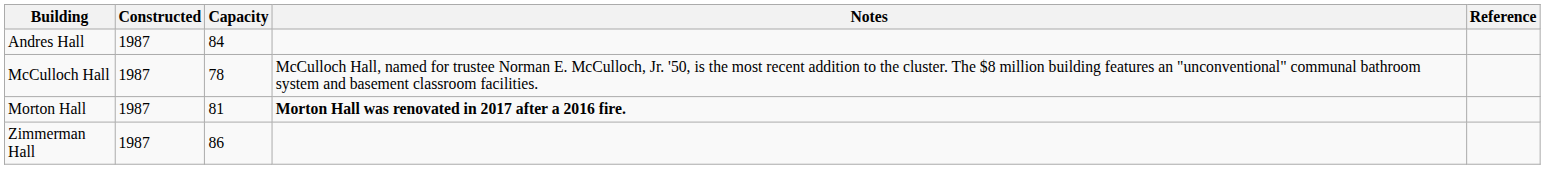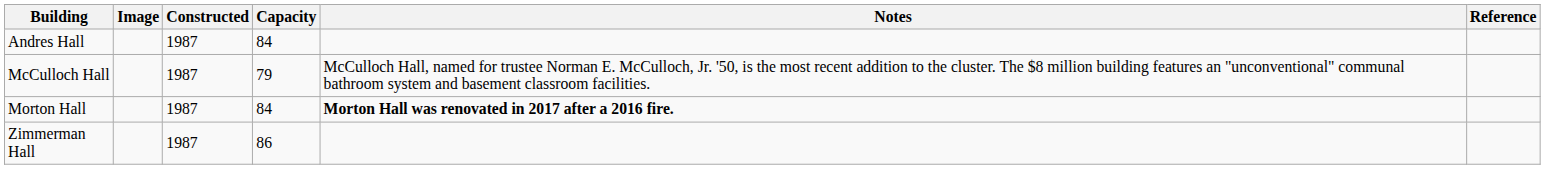 <table class="wikitable sortable">
 <tr>
 <th>Building</th>
+<th>Image</th>
 <th>Constructed</th>
 <th>Capacity</th>
 <th>Notes</th>
 <th>Reference</th>
 </tr>
 <tr>
 <td>Andres Hall</td>
+<td></td>
 <td>1987</td>
 <td>84</td>
 <td></td>
 <td><br></td>
 </tr>
 <tr>
 <td>McCulloch Hall</td>
+<td></td>
 <td>1987</td>
-<td>78</td>
+<td>79</td>
 <td>McCulloch Hall, named for trustee Norman E. McCulloch, Jr. '50, is the most recent addition to the cluster. The $8 million building features an "unconventional" communal bathroom system and basement classroom facilities.</td>
 <td><br></td>
 </tr>
 <tr>
 <td>Morton Hall</td>
+<td></td>
 <td>1987</td>
-<td>81</td>
+<td>84</td>
 <td><strong>Morton Hall was renovated in 2017 after a 2016 fire.</strong></td>
 <td><br> </td>
 </tr>
 <tr>
 <td>Zimmerman Hall</td>
+<td></td>
 <td>1987</td>
 <td>86</td>
 <td></td>
 <td><br></td>
 </tr>
 </table>
